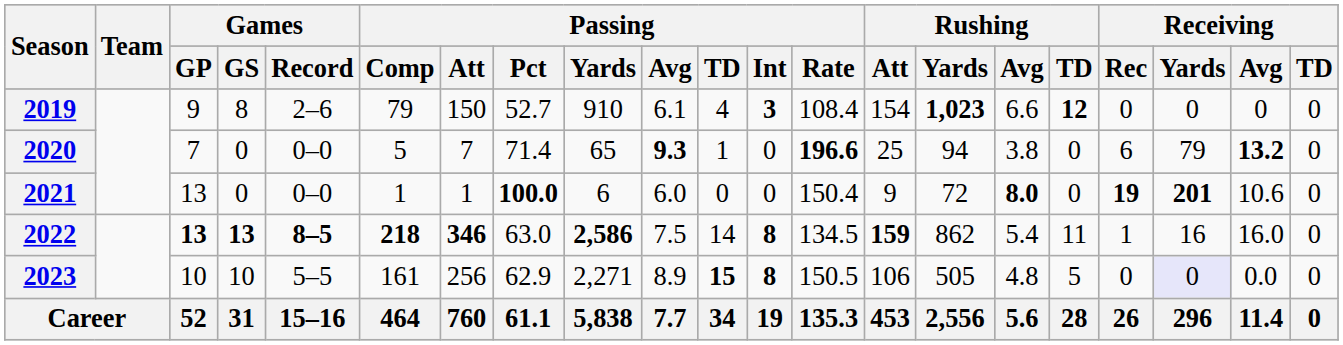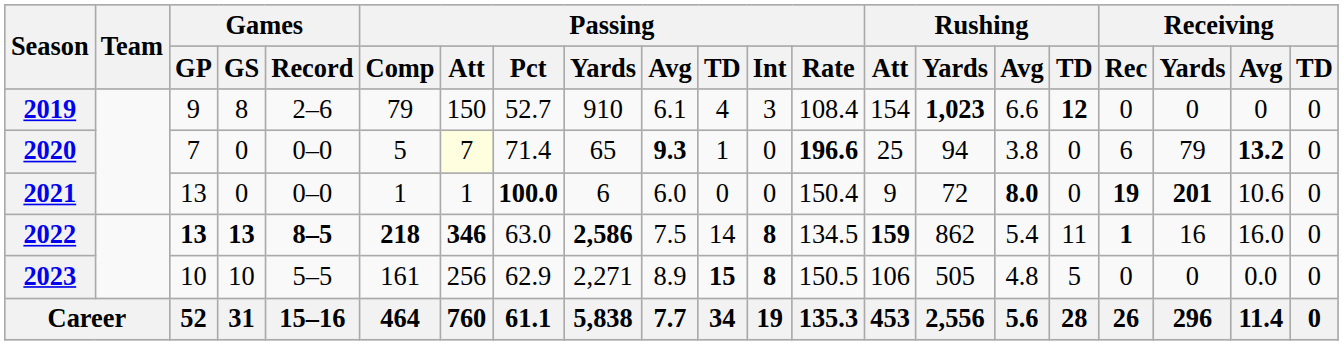 <table class="wikitable" style="text-align:center;">
 <tr>
 <th rowspan="2">Season</th>
 <th rowspan="2">Team</th>
 <th colspan="3">Games</th>
 <th colspan="8">Passing</th>
 <th colspan="4">Rushing</th>
 <th colspan="4">Receiving</th>
 </tr>
 <tr>
 <th>GP</th>
 <th>GS</th>
 <th>Record</th>
 <th>Comp</th>
 <th>Att</th>
 <th>Pct</th>
 <th>Yards</th>
 <th>Avg</th>
 <th>TD</th>
 <th>Int</th>
 <th>Rate</th>
 <th>Att</th>
 <th>Yards</th>
 <th>Avg</th>
 <th>TD</th>
 <th>Rec</th>
 <th>Yards</th>
 <th>Avg</th>
 <th>TD</th>
 </tr>
 <tr>
 <th><a href='#'>2019</a></th>
 <td rowspan="3" style=></td>
 <td>9</td>
 <td>8</td>
 <td>2–6</td>
 <td>79</td>
 <td>150</td>
 <td>52.7</td>
 <td>910</td>
 <td>6.1</td>
 <td>4</td>
-<td><strong>3</strong></td>
+<td>3</td>
 <td>108.4</td>
 <td>154</td>
 <td><strong>1,023</strong></td>
 <td>6.6</td>
 <td><strong>12</strong></td>
 <td>0</td>
 <td>0</td>
 <td>0</td>
 <td>0</td>
 </tr>
 <tr>
 <th><a href='#'>2020</a></th>
 <td>7</td>
 <td>0</td>
 <td>0–0</td>
 <td>5</td>
-<td>7</td>
+<td style="background: lightyellow;">7</td>
 <td>71.4</td>
 <td>65</td>
 <td><strong>9.3</strong></td>
 <td>1</td>
 <td>0</td>
 <td><strong>196.6</strong></td>
 <td>25</td>
 <td>94</td>
 <td>3.8</td>
 <td>0</td>
 <td>6</td>
 <td>79</td>
 <td><strong>13.2</strong></td>
 <td>0</td>
 </tr>
 <tr>
 <th><a href='#'>2021</a></th>
 <td>13</td>
 <td>0</td>
 <td>0–0</td>
 <td>1</td>
 <td>1</td>
 <td><strong>100.0</strong></td>
 <td>6</td>
 <td>6.0</td>
 <td>0</td>
 <td>0</td>
 <td>150.4</td>
 <td>9</td>
 <td>72</td>
 <td><strong>8.0</strong></td>
 <td>0</td>
 <td><strong>19</strong></td>
 <td><strong>201</strong></td>
 <td>10.6</td>
 <td>0</td>
 </tr>
 <tr>
 <th><a href='#'>2022</a></th>
 <td rowspan="2" style=></td>
 <td><strong>13</strong></td>
 <td><strong>13</strong></td>
 <td><strong>8–5</strong></td>
 <td><strong>218</strong></td>
 <td><strong>346</strong></td>
 <td>63.0</td>
 <td><strong>2,586</strong></td>
 <td>7.5</td>
 <td>14</td>
 <td><strong>8</strong></td>
 <td>134.5</td>
 <td><strong>159</strong></td>
 <td>862</td>
 <td>5.4</td>
 <td>11</td>
-<td>1</td>
+<td><strong>1</strong></td>
 <td>16</td>
 <td>16.0</td>
 <td>0</td>
 </tr>
 <tr>
 <th><a href='#'>2023</a></th>
 <td>10</td>
 <td>10</td>
 <td>5–5</td>
 <td>161</td>
 <td>256</td>
 <td>62.9</td>
 <td>2,271</td>
 <td>8.9</td>
 <td><strong>15</strong></td>
 <td><strong>8</strong></td>
 <td>150.5</td>
 <td>106</td>
 <td>505</td>
 <td>4.8</td>
 <td>5</td>
 <td>0</td>
-<td style="background: lavender;">0</td>
+<td>0</td>
 <td>0.0</td>
 <td>0</td>
 </tr>
 <tr>
 <th colspan="2">Career</th>
 <th>52</th>
 <th>31</th>
 <th>15–16</th>
 <th>464</th>
 <th>760</th>
 <th>61.1</th>
 <th>5,838</th>
 <th>7.7</th>
 <th>34</th>
 <th>19</th>
 <th>135.3</th>
 <th>453</th>
 <th>2,556</th>
 <th>5.6</th>
 <th>28</th>
 <th>26</th>
 <th>296</th>
 <th>11.4</th>
 <th>0</th>
 </tr>
 </table>
